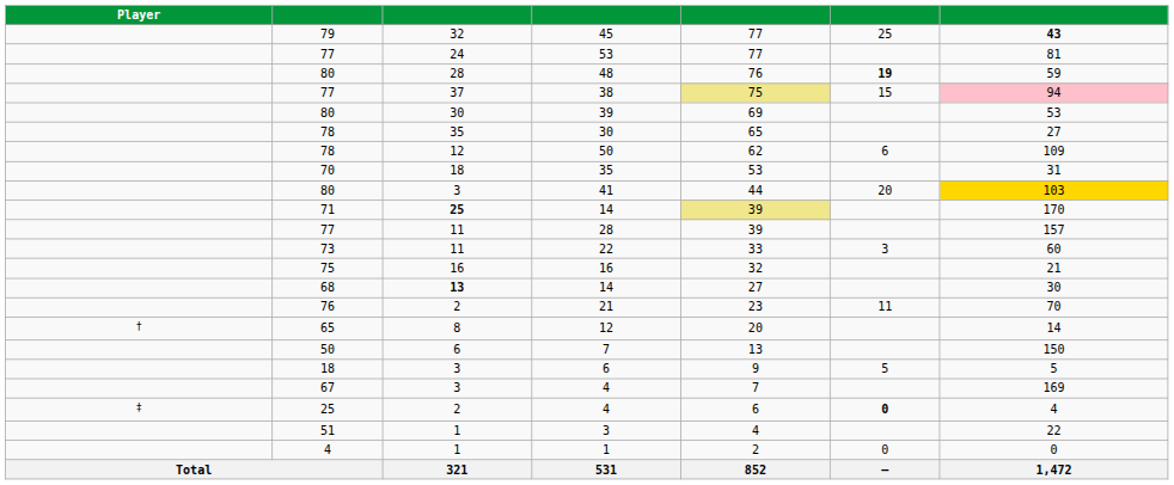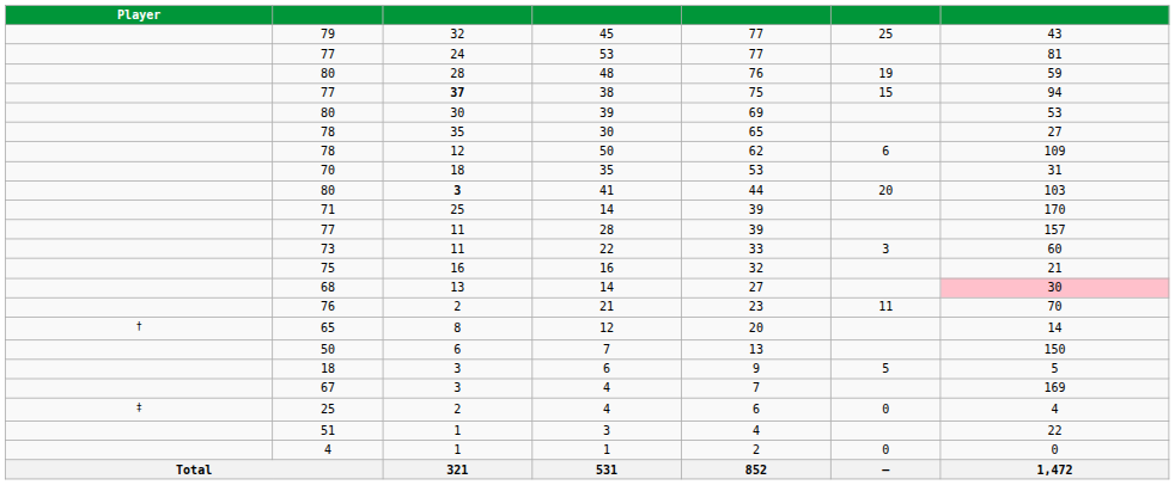 <table class="wikitable sortable" style="width:100%; text-align:center;">
 <tr align=center>
 <th style="color:white; background:#009639; ">Player</th>
 <th style="color:white; background:#009639; "></th>
 <th style="color:white; background:#009639; "></th>
 <th style="color:white; background:#009639; "></th>
 <th style="color:white; background:#009639; "></th>
 <th style="color:white; background:#009639; "></th>
 <th style="color:white; background:#009639; "></th>
 </tr>
 <tr>
 <td></td>
 <td>79</td>
 <td>32</td>
 <td>45</td>
 <td>77</td>
 <td>25</td>
-<td><strong>43</strong></td>
+<td>43</td>
 </tr>
 <tr>
 <td></td>
 <td>77</td>
 <td>24</td>
 <td>53</td>
 <td>77</td>
 <td></td>
 <td>81</td>
 </tr>
 <tr>
 <td></td>
 <td>80</td>
 <td>28</td>
 <td>48</td>
 <td>76</td>
-<td><strong>19</strong></td>
+<td>19</td>
 <td>59</td>
 </tr>
 <tr>
 <td></td>
 <td>77</td>
-<td>37</td>
+<td><strong>37</strong></td>
 <td>38</td>
-<td style="background: khaki;">75</td>
+<td>75</td>
 <td>15</td>
-<td style="background: pink;">94</td>
+<td>94</td>
 </tr>
 <tr>
 <td></td>
 <td>80</td>
 <td>30</td>
 <td>39</td>
 <td>69</td>
 <td></td>
 <td>53</td>
 </tr>
 <tr>
 <td></td>
 <td>78</td>
 <td>35</td>
 <td>30</td>
 <td>65</td>
 <td></td>
 <td>27</td>
 </tr>
 <tr>
 <td></td>
 <td>78</td>
 <td>12</td>
 <td>50</td>
 <td>62</td>
 <td>6</td>
 <td>109</td>
 </tr>
 <tr>
 <td></td>
 <td>70</td>
 <td>18</td>
 <td>35</td>
 <td>53</td>
 <td></td>
 <td>31</td>
 </tr>
 <tr>
 <td></td>
 <td>80</td>
-<td>3</td>
+<td><strong>3</strong></td>
 <td>41</td>
 <td>44</td>
 <td>20</td>
-<td style="background: gold;">103</td>
+<td>103</td>
 </tr>
 <tr>
 <td></td>
 <td>71</td>
-<td><strong>25</strong></td>
+<td>25</td>
 <td>14</td>
-<td style="background: khaki;">39</td>
+<td>39</td>
 <td></td>
 <td>170</td>
 </tr>
 <tr>
 <td></td>
 <td>77</td>
 <td>11</td>
 <td>28</td>
 <td>39</td>
 <td></td>
 <td>157</td>
 </tr>
 <tr>
 <td></td>
 <td>73</td>
 <td>11</td>
 <td>22</td>
 <td>33</td>
 <td>3</td>
 <td>60</td>
 </tr>
 <tr>
 <td></td>
 <td>75</td>
 <td>16</td>
 <td>16</td>
 <td>32</td>
 <td></td>
 <td>21</td>
 </tr>
 <tr>
 <td></td>
 <td>68</td>
-<td><strong>13</strong></td>
+<td>13</td>
 <td>14</td>
 <td>27</td>
 <td></td>
-<td>30</td>
+<td style="background: pink;">30</td>
 </tr>
 <tr>
 <td></td>
 <td>76</td>
 <td>2</td>
 <td>21</td>
 <td>23</td>
 <td>11</td>
 <td>70</td>
 </tr>
 <tr>
 <td><sup>†</sup></td>
 <td>65</td>
 <td>8</td>
 <td>12</td>
 <td>20</td>
 <td></td>
 <td>14</td>
 </tr>
 <tr>
 <td></td>
 <td>50</td>
 <td>6</td>
 <td>7</td>
 <td>13</td>
 <td></td>
 <td>150</td>
 </tr>
 <tr>
 <td></td>
 <td>18</td>
 <td>3</td>
 <td>6</td>
 <td>9</td>
 <td>5</td>
 <td>5</td>
 </tr>
 <tr>
 <td></td>
 <td>67</td>
 <td>3</td>
 <td>4</td>
 <td>7</td>
 <td></td>
 <td>169</td>
 </tr>
 <tr>
 <td><sup>‡</sup></td>
 <td>25</td>
 <td>2</td>
 <td>4</td>
 <td>6</td>
-<td><strong>0</strong></td>
+<td>0</td>
 <td>4</td>
 </tr>
 <tr>
 <td></td>
 <td>51</td>
 <td>1</td>
 <td>3</td>
 <td>4</td>
 <td></td>
 <td>22</td>
 </tr>
 <tr>
 <td></td>
 <td>4</td>
 <td>1</td>
 <td>1</td>
 <td>2</td>
 <td>0</td>
 <td>0</td>
 </tr>
 <tr class="sortbottom">
 <th colspan=2>Total</th>
 <th>321</th>
 <th>531</th>
 <th>852</th>
 <th>—</th>
 <th>1,472</th>
 </tr>
 </table>
